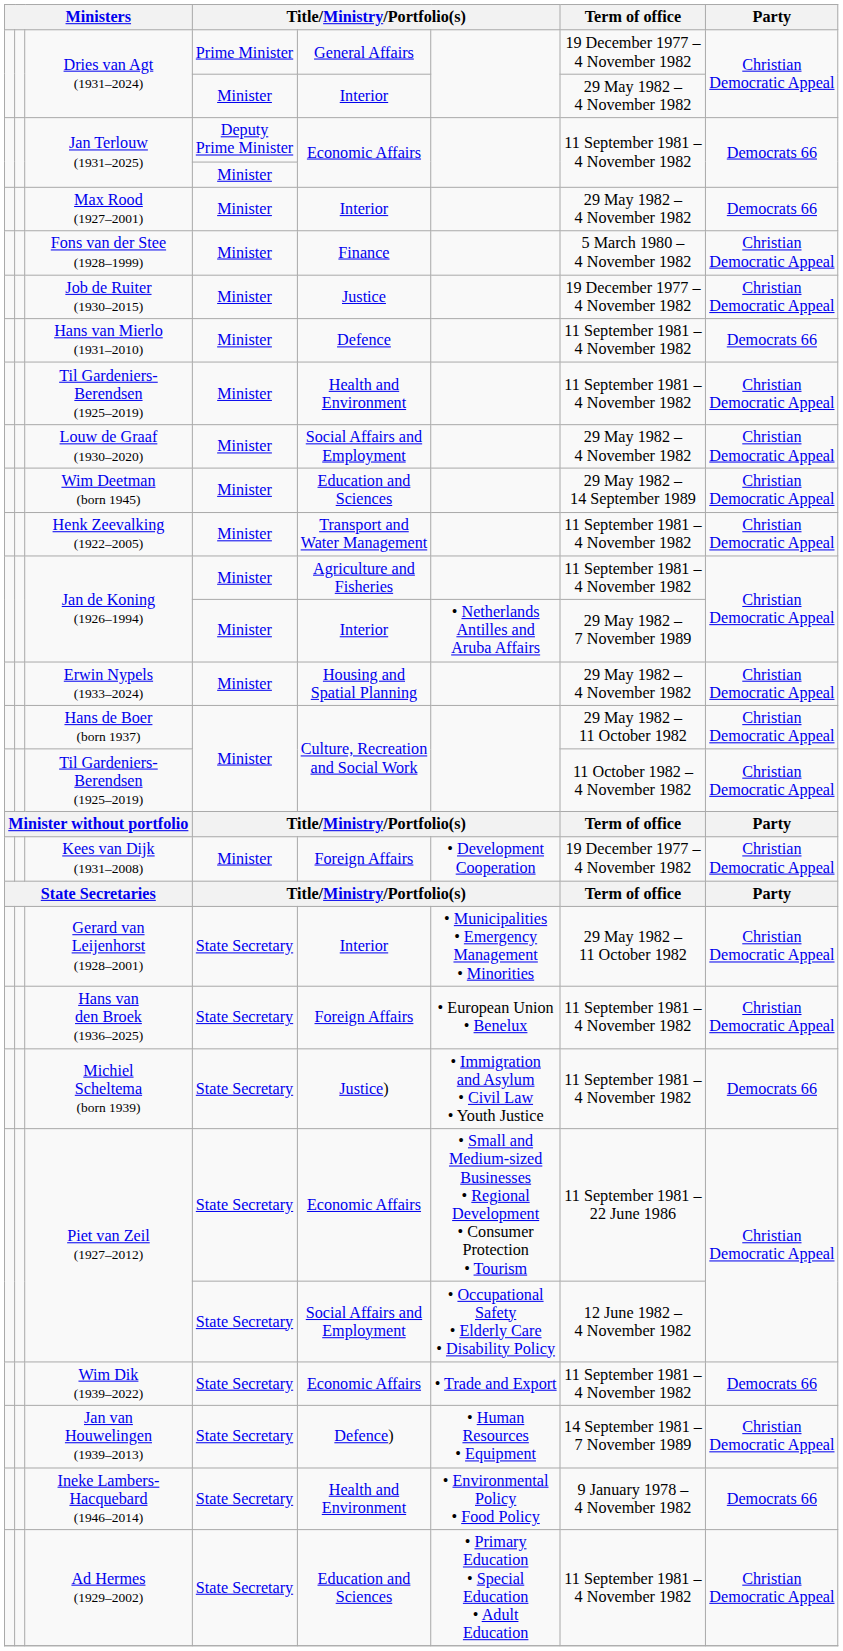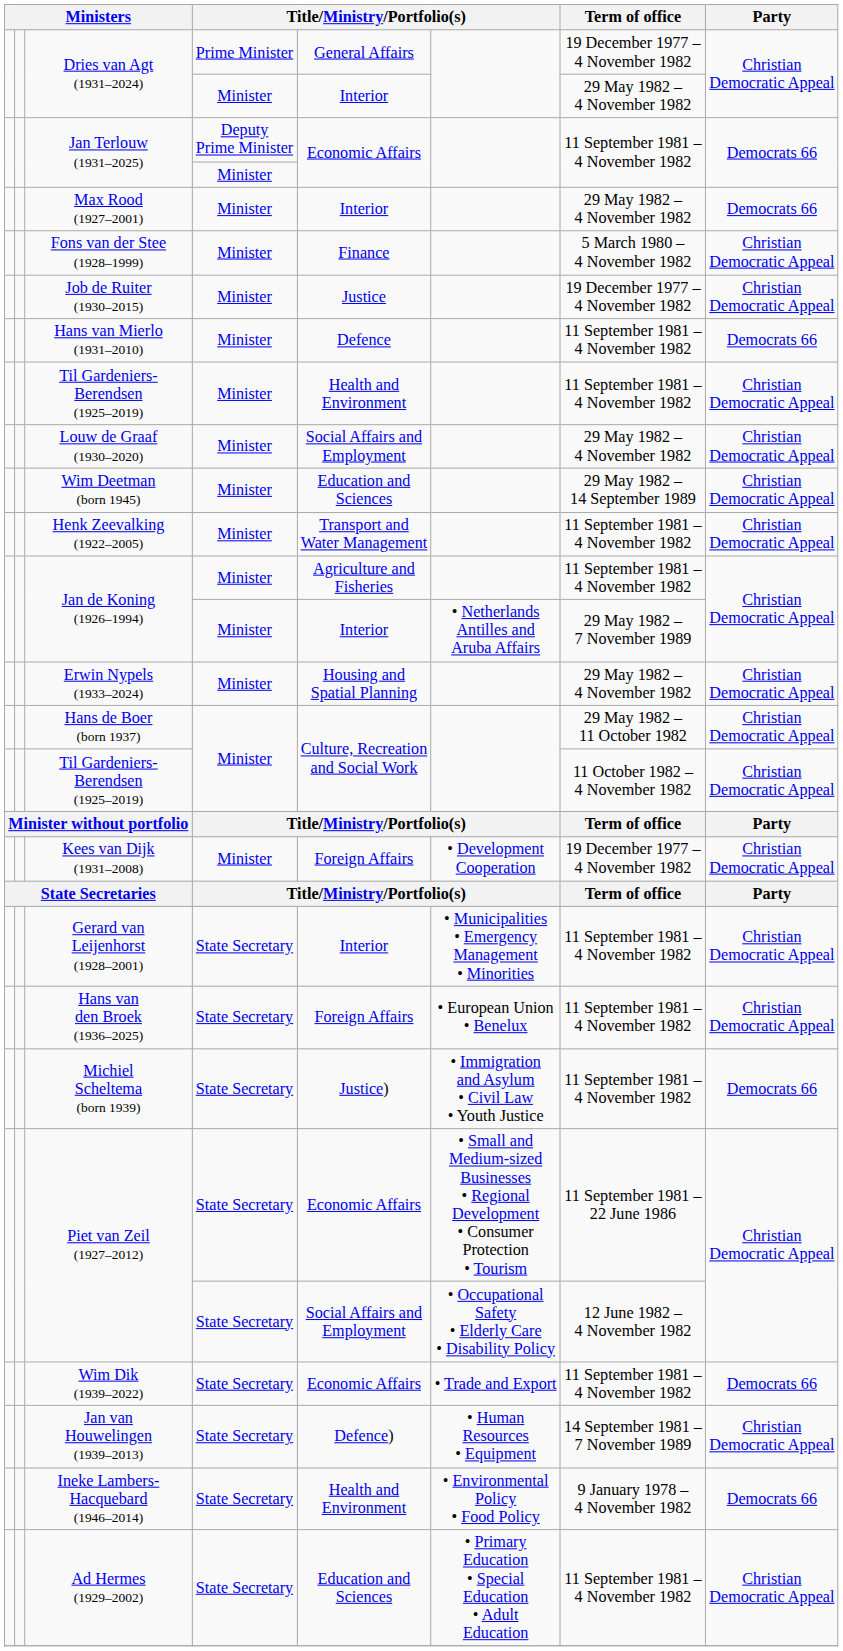 <table class="wikitable" style="text-align:center">
 <tr>
 <th colspan=3><a href='#'>Ministers</a></th>
 <th colspan=3>Title/<a href='#'>Ministry</a>/Portfolio(s)</th>
 <th>Term of office</th>
 <th>Party</th>
 </tr>
 <tr>
 <td rowspan=2 style="background:"></td>
 <td rowspan=2></td>
 <td rowspan=2><a href='#'>Dries van Agt</a> <br> <small>(1931–2024)</small></td>
 <td><a href='#'>Prime Minister</a></td>
 <td><a href='#'>General Affairs</a></td>
 <td rowspan=2></td>
 <td>19 December 1977 – <br> 4 November 1982 <br> </td>
 <td rowspan=2><a href='#'>Christian <br> Democratic Appeal</a></td>
 </tr>
 <tr>
 <td><a href='#'>Minister</a></td>
 <td><a href='#'>Interior</a></td>
 <td>29 May 1982 – <br> 4 November 1982</td>
 </tr>
 <tr>
 <td rowspan=2 style="background:"></td>
 <td rowspan=2></td>
 <td rowspan=2><a href='#'>Jan Terlouw</a> <br> <small>(1931–2025)</small></td>
 <td><a href='#'>Deputy <br> Prime Minister</a></td>
 <td rowspan=2><a href='#'>Economic Affairs</a></td>
 <td rowspan=2></td>
 <td rowspan=2>11 September 1981 – <br> 4 November 1982 <br> </td>
 <td rowspan=2><a href='#'>Democrats 66</a></td>
 </tr>
 <tr>
 <td><a href='#'>Minister</a></td>
 </tr>
 <tr>
 <td style="background:"></td>
 <td></td>
 <td><a href='#'>Max Rood</a> <br> <small>(1927–2001)</small></td>
 <td><a href='#'>Minister</a></td>
 <td><a href='#'>Interior</a></td>
 <td></td>
 <td>29 May 1982 – <br> 4 November 1982</td>
 <td><a href='#'>Democrats 66</a></td>
 </tr>
 <tr>
 <td style="background:"></td>
 <td></td>
 <td><a href='#'>Fons van der Stee</a> <br> <small>(1928–1999)</small></td>
 <td><a href='#'>Minister</a></td>
 <td><a href='#'>Finance</a></td>
 <td></td>
 <td>5 March 1980 – <br> 4 November 1982 <br> </td>
 <td><a href='#'>Christian <br> Democratic Appeal</a></td>
 </tr>
 <tr>
 <td style="background:"></td>
 <td></td>
 <td><a href='#'>Job de Ruiter</a> <br> <small>(1930–2015)</small></td>
 <td><a href='#'>Minister</a></td>
 <td><a href='#'>Justice</a></td>
 <td></td>
 <td>19 December 1977 – <br> 4 November 1982 <br> </td>
 <td><a href='#'>Christian <br> Democratic Appeal</a></td>
 </tr>
 <tr>
 <td style="background:"></td>
 <td></td>
 <td><a href='#'>Hans van Mierlo</a> <br> <small>(1931–2010)</small></td>
 <td><a href='#'>Minister</a></td>
 <td><a href='#'>Defence</a></td>
 <td></td>
 <td>11 September 1981 – <br> 4 November 1982 <br> </td>
 <td><a href='#'>Democrats 66</a></td>
 </tr>
 <tr>
 <td style="background:"></td>
 <td></td>
 <td><a href='#'>Til Gardeniers- <br> Berendsen</a> <br> <small>(1925–2019)</small></td>
 <td><a href='#'>Minister</a></td>
 <td><a href='#'>Health and <br> Environment</a></td>
 <td></td>
 <td>11 September 1981 – <br> 4 November 1982 <br> </td>
 <td><a href='#'>Christian <br> Democratic Appeal</a></td>
 </tr>
 <tr>
 <td style="background:"></td>
 <td></td>
 <td><a href='#'>Louw de Graaf</a> <br> <small>(1930–2020)</small></td>
 <td><a href='#'>Minister</a></td>
 <td><a href='#'>Social Affairs and <br> Employment</a></td>
 <td></td>
 <td>29 May 1982 – <br> 4 November 1982</td>
 <td><a href='#'>Christian <br> Democratic Appeal</a></td>
 </tr>
 <tr>
 <td style="background:"></td>
 <td></td>
 <td><a href='#'>Wim Deetman</a> <br> <small>(born 1945)</small></td>
 <td><a href='#'>Minister</a></td>
 <td><a href='#'>Education and <br> Sciences</a></td>
 <td></td>
 <td>29 May 1982 – <br> 14 September 1989 <br> </td>
 <td><a href='#'>Christian <br> Democratic Appeal</a></td>
 </tr>
 <tr>
 <td style="background:"></td>
 <td></td>
 <td><a href='#'>Henk Zeevalking</a> <br> <small>(1922–2005)</small></td>
 <td><a href='#'>Minister</a></td>
 <td><a href='#'>Transport and <br> Water Management</a></td>
 <td></td>
 <td>11 September 1981 – <br> 4 November 1982 <br> </td>
 <td><a href='#'>Christian <br> Democratic Appeal</a></td>
 </tr>
 <tr>
 <td rowspan=2 style="background:"></td>
 <td rowspan=2></td>
 <td rowspan=2><a href='#'>Jan de Koning</a> <br> <small>(1926–1994)</small></td>
 <td><a href='#'>Minister</a></td>
 <td><a href='#'>Agriculture and <br> Fisheries</a></td>
 <td></td>
 <td>11 September 1981 – <br> 4 November 1982 <br> </td>
 <td rowspan=2><a href='#'>Christian <br> Democratic Appeal</a></td>
 </tr>
 <tr>
 <td><a href='#'>Minister</a></td>
 <td><a href='#'>Interior</a></td>
 <td>• <a href='#'>Netherlands <br> Antilles and <br> Aruba Affairs</a></td>
 <td>29 May 1982 – <br> 7 November 1989 <br> </td>
 </tr>
 <tr>
 <td style="background:"></td>
 <td></td>
 <td><a href='#'>Erwin Nypels</a> <br> <small>(1933–2024)</small></td>
 <td><a href='#'>Minister</a></td>
 <td><a href='#'>Housing and <br> Spatial Planning</a></td>
 <td></td>
 <td>29 May 1982 – <br> 4 November 1982</td>
 <td><a href='#'>Christian <br> Democratic Appeal</a></td>
 </tr>
 <tr>
 <td style="background:"></td>
 <td></td>
 <td><a href='#'>Hans de Boer</a> <br> <small>(born 1937)</small></td>
 <td rowspan=2><a href='#'>Minister</a></td>
 <td rowspan=2><a href='#'>Culture, Recreation <br> and Social Work</a></td>
 <td rowspan=2></td>
 <td>29 May 1982 – <br> 11 October 1982 <br> </td>
 <td><a href='#'>Christian <br> Democratic Appeal</a></td>
 </tr>
 <tr>
 <td style="background:"></td>
 <td></td>
 <td><a href='#'>Til Gardeniers- <br> Berendsen</a> <br> <small>(1925–2019)</small></td>
 <td>11 October 1982 – <br> 4 November 1982 <br> </td>
 <td><a href='#'>Christian <br> Democratic Appeal</a></td>
 </tr>
 <tr>
 <th colspan=3><a href='#'>Minister without portfolio</a></th>
 <th colspan=3>Title/<a href='#'>Ministry</a>/Portfolio(s)</th>
 <th>Term of office</th>
 <th>Party</th>
 </tr>
 <tr>
 <td style="background:"></td>
 <td></td>
 <td><a href='#'>Kees van Dijk</a> <br> <small>(1931–2008)</small></td>
 <td><a href='#'>Minister</a></td>
 <td><a href='#'>Foreign Affairs</a></td>
 <td>• <a href='#'>Development <br> Cooperation</a></td>
 <td>19 December 1977 – <br> 4 November 1982 <br> </td>
 <td><a href='#'>Christian <br> Democratic Appeal</a></td>
 </tr>
 <tr>
 <th colspan=3><a href='#'>State Secretaries</a></th>
 <th colspan=3>Title/<a href='#'>Ministry</a>/Portfolio(s)</th>
 <th>Term of office</th>
 <th>Party</th>
 </tr>
 <tr>
 <td style="background:"></td>
 <td></td>
 <td><a href='#'>Gerard van <br> Leijenhorst</a> <br> <small>(1928–2001)</small></td>
 <td><a href='#'>State Secretary</a></td>
 <td><a href='#'>Interior</a></td>
 <td>• <a href='#'>Municipalities</a> <br> • <a href='#'>Emergency <br> Management</a> <br> • <a href='#'>Minorities</a></td>
-<td>29 May 1982 – <br> 11 October 1982 <br> </td>
+<td>11 September 1981 – <br> 4 November 1982 <br> </td>
 <td><a href='#'>Christian <br> Democratic Appeal</a></td>
 </tr>
 <tr>
 <td style="background:"></td>
 <td></td>
 <td><a href='#'>Hans van <br> den Broek</a> <br> <small>(1936–2025)</small></td>
 <td><a href='#'>State Secretary</a></td>
 <td><a href='#'>Foreign Affairs</a></td>
 <td>• European Union <br> • <a href='#'>Benelux</a></td>
 <td>11 September 1981 – <br> 4 November 1982 <br> </td>
 <td><a href='#'>Christian <br> Democratic Appeal</a></td>
 </tr>
 <tr>
 <td style="background:"></td>
 <td></td>
 <td><a href='#'>Michiel <br> Scheltema</a> <br> <small>(born 1939)</small></td>
 <td><a href='#'>State Secretary</a></td>
 <td><a href='#'>Justice</a>)</td>
 <td>• <a href='#'>Immigration <br> and Asylum</a> <br> • <a href='#'>Civil Law</a> <br> • Youth Justice</td>
 <td>11 September 1981 – <br> 4 November 1982 <br> </td>
 <td><a href='#'>Democrats 66</a></td>
 </tr>
 <tr>
 <td rowspan=2 style="background:"></td>
 <td rowspan=2></td>
 <td rowspan=2><a href='#'>Piet van Zeil</a> <br> <small>(1927–2012)</small></td>
 <td><a href='#'>State Secretary</a></td>
 <td><a href='#'>Economic Affairs</a></td>
 <td>• <a href='#'>Small and <br> Medium-sized <br> Businesses</a> <br> • <a href='#'>Regional <br> Development</a> <br> • Consumer <br> Protection <br> • <a href='#'>Tourism</a></td>
 <td>11 September 1981 – <br> 22 June 1986 <br>  </td>
 <td rowspan=2><a href='#'>Christian <br> Democratic Appeal</a></td>
 </tr>
 <tr>
 <td><a href='#'>State Secretary</a></td>
 <td><a href='#'>Social Affairs and <br> Employment</a></td>
 <td>• <a href='#'>Occupational <br> Safety</a> <br> • <a href='#'>Elderly Care</a> <br> • <a href='#'>Disability Policy</a></td>
 <td>12 June 1982 – <br> 4 November 1982</td>
 </tr>
 <tr>
 <td style="background:"></td>
 <td></td>
 <td><a href='#'>Wim Dik</a> <br> <small>(1939–2022)</small></td>
 <td><a href='#'>State Secretary</a></td>
 <td><a href='#'>Economic Affairs</a></td>
 <td>• <a href='#'>Trade and Export</a></td>
 <td>11 September 1981 – <br> 4 November 1982 <br> </td>
 <td><a href='#'>Democrats 66</a></td>
 </tr>
 <tr>
 <td style="background:"></td>
 <td></td>
 <td><a href='#'>Jan van <br> Houwelingen</a> <br> <small>(1939–2013)</small></td>
 <td><a href='#'>State Secretary</a></td>
 <td><a href='#'>Defence</a>)</td>
 <td>• <a href='#'>Human <br> Resources</a> <br> • <a href='#'>Equipment</a></td>
 <td>14 September 1981 – <br> 7 November 1989 <br>  </td>
 <td><a href='#'>Christian <br> Democratic Appeal</a></td>
 </tr>
 <tr>
 <td style="background:"></td>
 <td></td>
 <td><a href='#'>Ineke Lambers- <br> Hacquebard</a> <br> <small>(1946–2014)</small></td>
 <td><a href='#'>State Secretary</a></td>
 <td><a href='#'>Health and <br> Environment</a></td>
 <td>• <a href='#'>Environmental <br> Policy</a> <br> • <a href='#'>Food Policy</a></td>
 <td>9 January 1978 – <br> 4 November 1982 <br> </td>
 <td><a href='#'>Democrats 66</a></td>
 </tr>
 <tr>
 <td style="background:"></td>
 <td></td>
 <td><a href='#'>Ad Hermes</a> <br> <small>(1929–2002)</small></td>
 <td><a href='#'>State Secretary</a></td>
 <td><a href='#'>Education and <br> Sciences</a></td>
 <td>• <a href='#'>Primary <br> Education</a> <br> • <a href='#'>Special <br> Education</a> <br> • <a href='#'>Adult <br> Education</a></td>
 <td>11 September 1981 – <br> 4 November 1982 <br> </td>
 <td><a href='#'>Christian <br> Democratic Appeal</a></td>
 </tr>
 <tr>
 </tr>
 </table>
